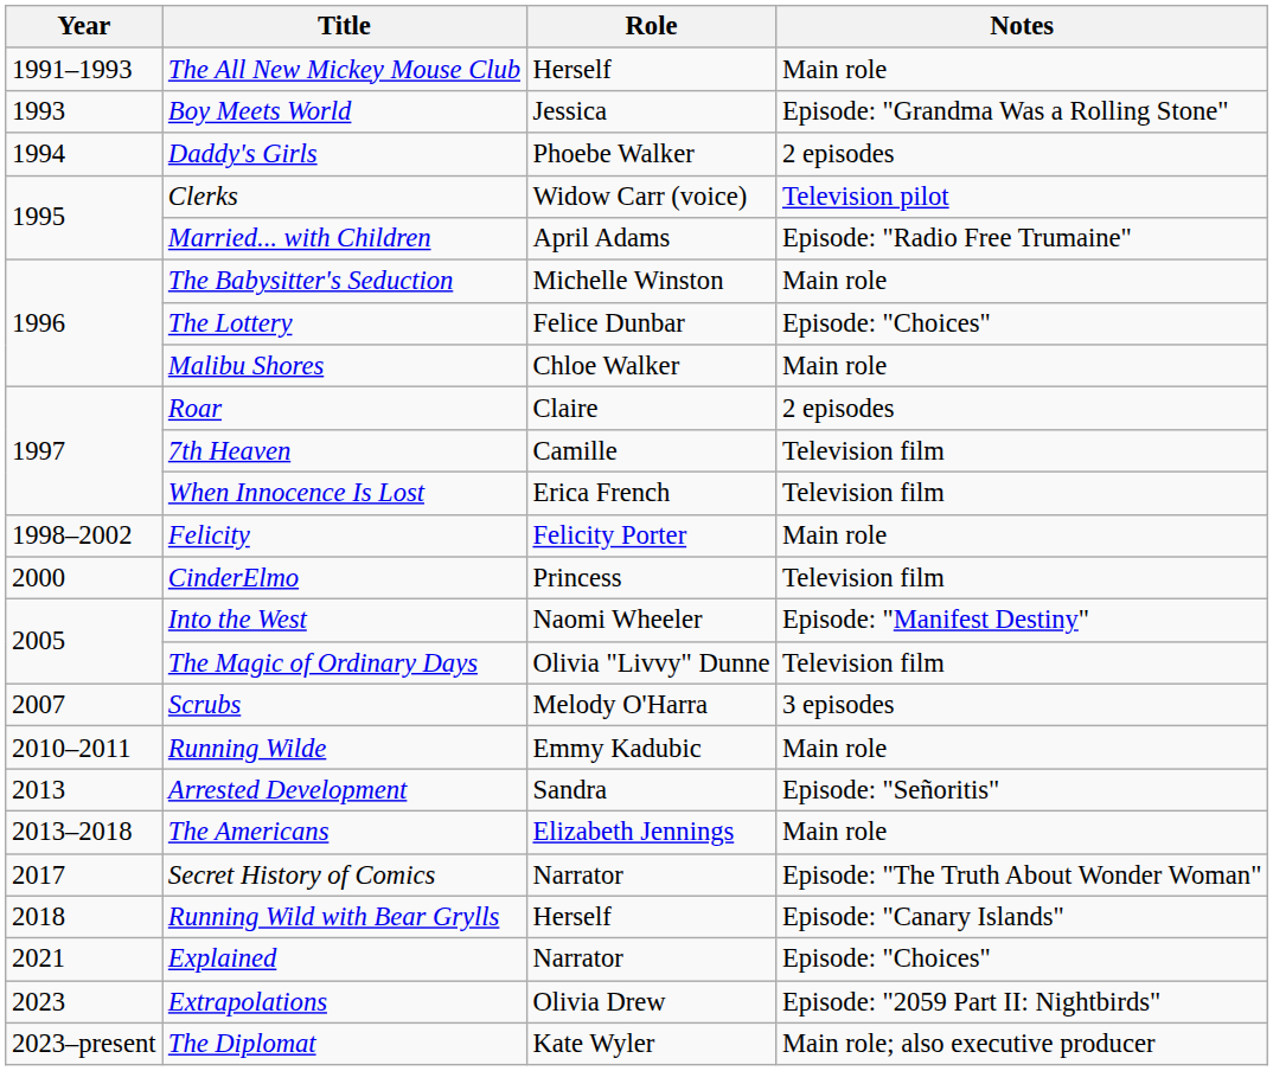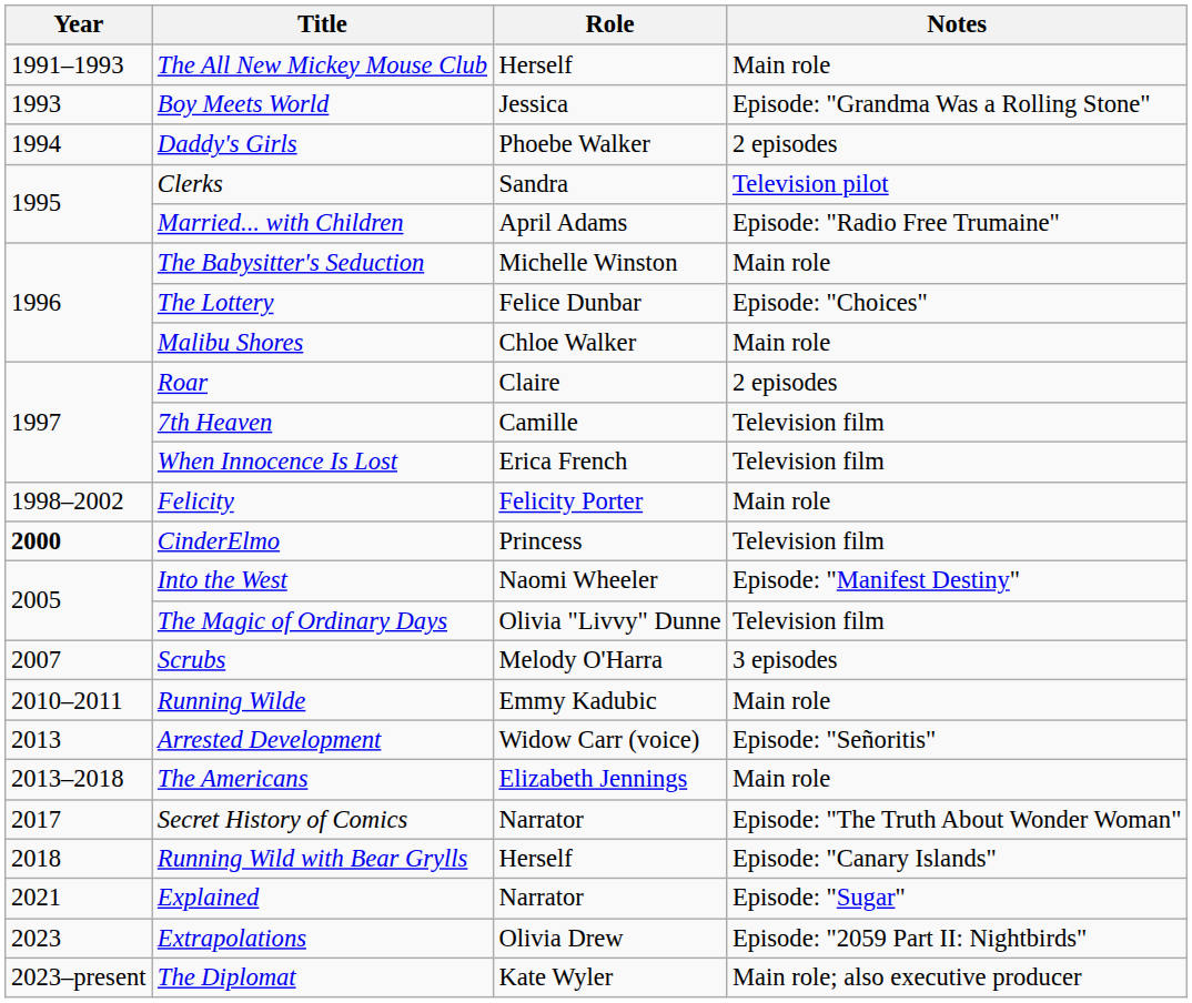 <table class="wikitable sortable">
 <tr>
 <th>Year</th>
 <th>Title</th>
 <th>Role</th>
 <th class="unsortable">Notes</th>
 </tr>
 <tr>
 <td>1991–1993</td>
 <td data-sort-value="All New Mickey Mouse Club, The"><em><a href='#'>The All New Mickey Mouse Club</a></em></td>
 <td>Herself</td>
 <td>Main role</td>
 </tr>
 <tr>
 <td>1993</td>
 <td><em><a href='#'>Boy Meets World</a></em></td>
 <td>Jessica</td>
 <td>Episode: "Grandma Was a Rolling Stone"</td>
 </tr>
 <tr>
 <td>1994</td>
 <td><em><a href='#'>Daddy's Girls</a></em></td>
 <td>Phoebe Walker</td>
 <td>2 episodes</td>
 </tr>
 <tr>
 <td rowspan="2">1995</td>
 <td><em>Clerks</em></td>
-<td>Widow Carr (voice)</td>
+<td>Sandra</td>
 <td><a href='#'>Television pilot</a></td>
 </tr>
 <tr>
 <td><em><a href='#'>Married... with Children</a></em></td>
 <td>April Adams</td>
 <td>Episode: "Radio Free Trumaine"</td>
 </tr>
 <tr>
 <td rowspan="3">1996</td>
 <td data-sort-value="Babysitter's Seduction, The"><em><a href='#'>The Babysitter's Seduction</a></em></td>
 <td>Michelle Winston</td>
 <td>Main role</td>
 </tr>
 <tr>
 <td data-sort-value="Lottery, The"><em><a href='#'>The Lottery</a></em></td>
 <td>Felice Dunbar</td>
 <td>Episode: "Choices"</td>
 </tr>
 <tr>
 <td><em><a href='#'>Malibu Shores</a></em></td>
 <td>Chloe Walker</td>
 <td>Main role</td>
 </tr>
 <tr>
 <td rowspan="3">1997</td>
 <td><em><a href='#'>Roar</a></em></td>
 <td>Claire</td>
 <td>2 episodes</td>
 </tr>
 <tr>
 <td data-sort-value="Seventh Heaven"><em><a href='#'>7th Heaven</a></em></td>
 <td>Camille</td>
 <td>Television film</td>
 </tr>
 <tr>
 <td><em><a href='#'>When Innocence Is Lost</a></em></td>
 <td>Erica French</td>
 <td>Television film</td>
 </tr>
 <tr>
 <td>1998–2002</td>
 <td><em><a href='#'>Felicity</a></em></td>
 <td><a href='#'>Felicity Porter</a></td>
 <td>Main role</td>
 </tr>
 <tr>
-<td>2000</td>
+<td><strong>2000</strong></td>
 <td><em><a href='#'>CinderElmo</a></em></td>
 <td>Princess</td>
 <td>Television film</td>
 </tr>
 <tr>
 <td rowspan="2">2005</td>
 <td><em><a href='#'>Into the West</a></em></td>
 <td>Naomi Wheeler</td>
 <td>Episode: "<a href='#'>Manifest Destiny</a>"</td>
 </tr>
 <tr>
 <td data-sort-value="Magic of Ordinary Days, The"><em><a href='#'>The Magic of Ordinary Days</a></em></td>
 <td>Olivia "Livvy" Dunne</td>
 <td>Television film</td>
 </tr>
 <tr>
 <td>2007</td>
 <td><em><a href='#'>Scrubs</a></em></td>
 <td>Melody O'Harra</td>
 <td>3 episodes</td>
 </tr>
 <tr>
 <td>2010–2011</td>
 <td><em><a href='#'>Running Wilde</a></em></td>
 <td>Emmy Kadubic</td>
 <td>Main role</td>
 </tr>
 <tr>
 <td>2013</td>
 <td><em><a href='#'>Arrested Development</a></em></td>
-<td>Sandra</td>
+<td>Widow Carr (voice)</td>
 <td>Episode: "Señoritis"</td>
 </tr>
 <tr>
 <td>2013–2018</td>
 <td data-sort-value="Americans, The"><em><a href='#'>The Americans</a></em></td>
 <td><a href='#'>Elizabeth Jennings</a></td>
 <td>Main role</td>
 </tr>
 <tr>
 <td>2017</td>
 <td><em>Secret History of Comics</em></td>
 <td>Narrator</td>
 <td>Episode: "The Truth About Wonder Woman"</td>
 </tr>
 <tr>
 <td>2018</td>
 <td><em><a href='#'>Running Wild with Bear Grylls</a></em></td>
 <td>Herself</td>
 <td>Episode: "Canary Islands"</td>
 </tr>
 <tr>
 <td>2021</td>
 <td><em><a href='#'>Explained</a></em></td>
 <td>Narrator</td>
-<td>Episode: "Choices"</td>
+<td>Episode: "<a href='#'>Sugar</a>"</td>
 </tr>
 <tr>
 <td>2023</td>
 <td><em><a href='#'>Extrapolations</a></em></td>
 <td>Olivia Drew</td>
 <td>Episode: "2059 Part II: Nightbirds"</td>
 </tr>
 <tr>
 <td>2023–present</td>
 <td data-sort-value="Diplomat, The"><em><a href='#'>The Diplomat</a></em></td>
 <td>Kate Wyler</td>
 <td>Main role; also executive producer</td>
 </tr>
 </table>
